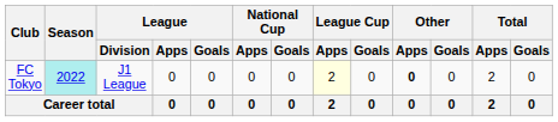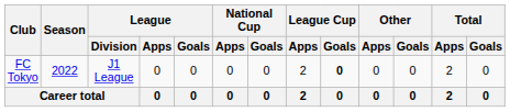 <table class="wikitable" style="text-align: center">
 <tr>
 <th rowspan="2">Club</th>
 <th rowspan="2">Season</th>
 <th colspan="3">League</th>
 <th colspan="2">National Cup</th>
 <th colspan="2">League Cup</th>
 <th colspan="2">Other</th>
 <th colspan="2">Total</th>
 </tr>
 <tr>
 <th>Division</th>
 <th>Apps</th>
 <th>Goals</th>
 <th>Apps</th>
 <th>Goals</th>
 <th>Apps</th>
 <th>Goals</th>
 <th>Apps</th>
 <th>Goals</th>
 <th>Apps</th>
 <th>Goals</th>
 </tr>
 <tr>
 <td><a href='#'>FC Tokyo</a></td>
-<td style="background: paleturquoise;"><a href='#'>2022</a></td>
+<td><a href='#'>2022</a></td>
 <td><a href='#'>J1 League</a></td>
 <td>0</td>
 <td>0</td>
 <td>0</td>
 <td>0</td>
-<td style="background: lightyellow;">2</td>
+<td>2</td>
+<td><strong>0</strong></td>
 <td>0</td>
-<td><strong>0</strong></td>
 <td>0</td>
 <td>2</td>
 <td>0</td>
 </tr>
 <tr>
 <th colspan=3>Career total</th>
 <th>0</th>
 <th>0</th>
 <th>0</th>
 <th>0</th>
 <th>2</th>
 <th>0</th>
 <th>0</th>
 <th>0</th>
 <th>2</th>
 <th>0</th>
 </tr>
 </table>
